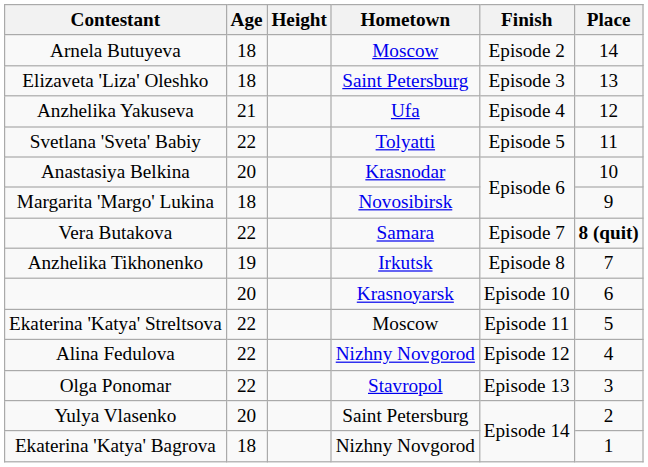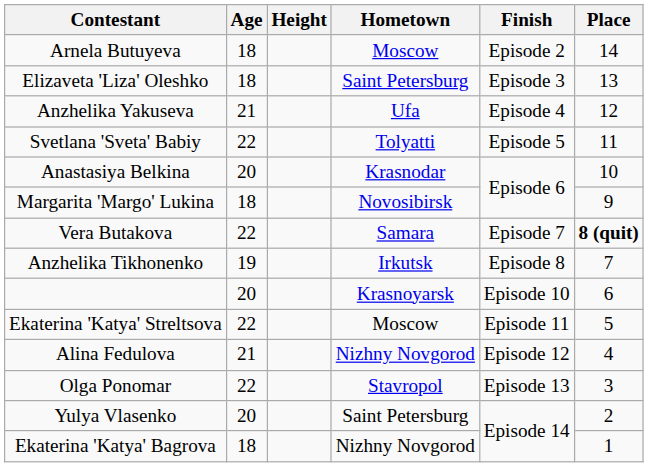 <table class="wikitable sortable" style="text-align:center;">
 <tr>
 <th>Contestant</th>
 <th>Age</th>
 <th>Height</th>
 <th>Hometown</th>
 <th>Finish</th>
 <th>Place</th>
 </tr>
 <tr>
 <td>Arnela Butuyeva</td>
 <td>18</td>
 <td></td>
 <td><a href='#'>Moscow</a></td>
 <td>Episode 2</td>
 <td>14</td>
 </tr>
 <tr>
 <td>Elizaveta 'Liza' Oleshko</td>
 <td>18</td>
 <td></td>
 <td><a href='#'>Saint Petersburg</a></td>
 <td>Episode 3</td>
 <td>13</td>
 </tr>
 <tr>
 <td>Anzhelika Yakuseva</td>
 <td>21</td>
 <td></td>
 <td><a href='#'>Ufa</a></td>
 <td>Episode 4</td>
 <td>12</td>
 </tr>
 <tr>
 <td>Svetlana 'Sveta' Babiy</td>
 <td>22</td>
 <td></td>
 <td><a href='#'>Tolyatti</a></td>
 <td>Episode 5</td>
 <td>11</td>
 </tr>
 <tr>
 <td>Anastasiya Belkina</td>
 <td>20</td>
 <td></td>
 <td><a href='#'>Krasnodar</a></td>
 <td rowspan="2">Episode 6</td>
 <td>10</td>
 </tr>
 <tr>
 <td>Margarita 'Margo' Lukina</td>
 <td>18</td>
 <td></td>
 <td><a href='#'>Novosibirsk</a></td>
 <td>9</td>
 </tr>
 <tr>
 <td>Vera Butakova</td>
 <td>22</td>
 <td></td>
 <td><a href='#'>Samara</a></td>
 <td>Episode 7</td>
 <td><strong>8 (quit)</strong></td>
 </tr>
 <tr>
 <td>Anzhelika Tikhonenko</td>
 <td>19</td>
 <td></td>
 <td><a href='#'>Irkutsk</a></td>
 <td>Episode 8</td>
 <td>7</td>
 </tr>
 <tr>
 <td></td>
 <td>20</td>
 <td></td>
 <td><a href='#'>Krasnoyarsk</a></td>
 <td>Episode 10</td>
 <td>6</td>
 </tr>
 <tr>
 <td>Ekaterina 'Katya' Streltsova</td>
 <td>22</td>
 <td></td>
 <td>Moscow</td>
 <td>Episode 11</td>
 <td>5</td>
 </tr>
 <tr>
 <td>Alina Fedulova</td>
-<td>22</td>
+<td>21</td>
 <td></td>
 <td><a href='#'>Nizhny Novgorod</a></td>
 <td>Episode 12</td>
 <td>4</td>
 </tr>
 <tr>
 <td>Olga Ponomar</td>
 <td>22</td>
 <td></td>
 <td><a href='#'>Stavropol</a></td>
 <td>Episode 13</td>
 <td>3</td>
 </tr>
 <tr>
 <td>Yulya Vlasenko</td>
 <td>20</td>
 <td></td>
 <td>Saint Petersburg</td>
 <td rowspan="2">Episode 14</td>
 <td>2</td>
 </tr>
 <tr>
 <td>Ekaterina 'Katya' Bagrova</td>
 <td>18</td>
 <td></td>
 <td>Nizhny Novgorod</td>
 <td>1</td>
 </tr>
 </table>
